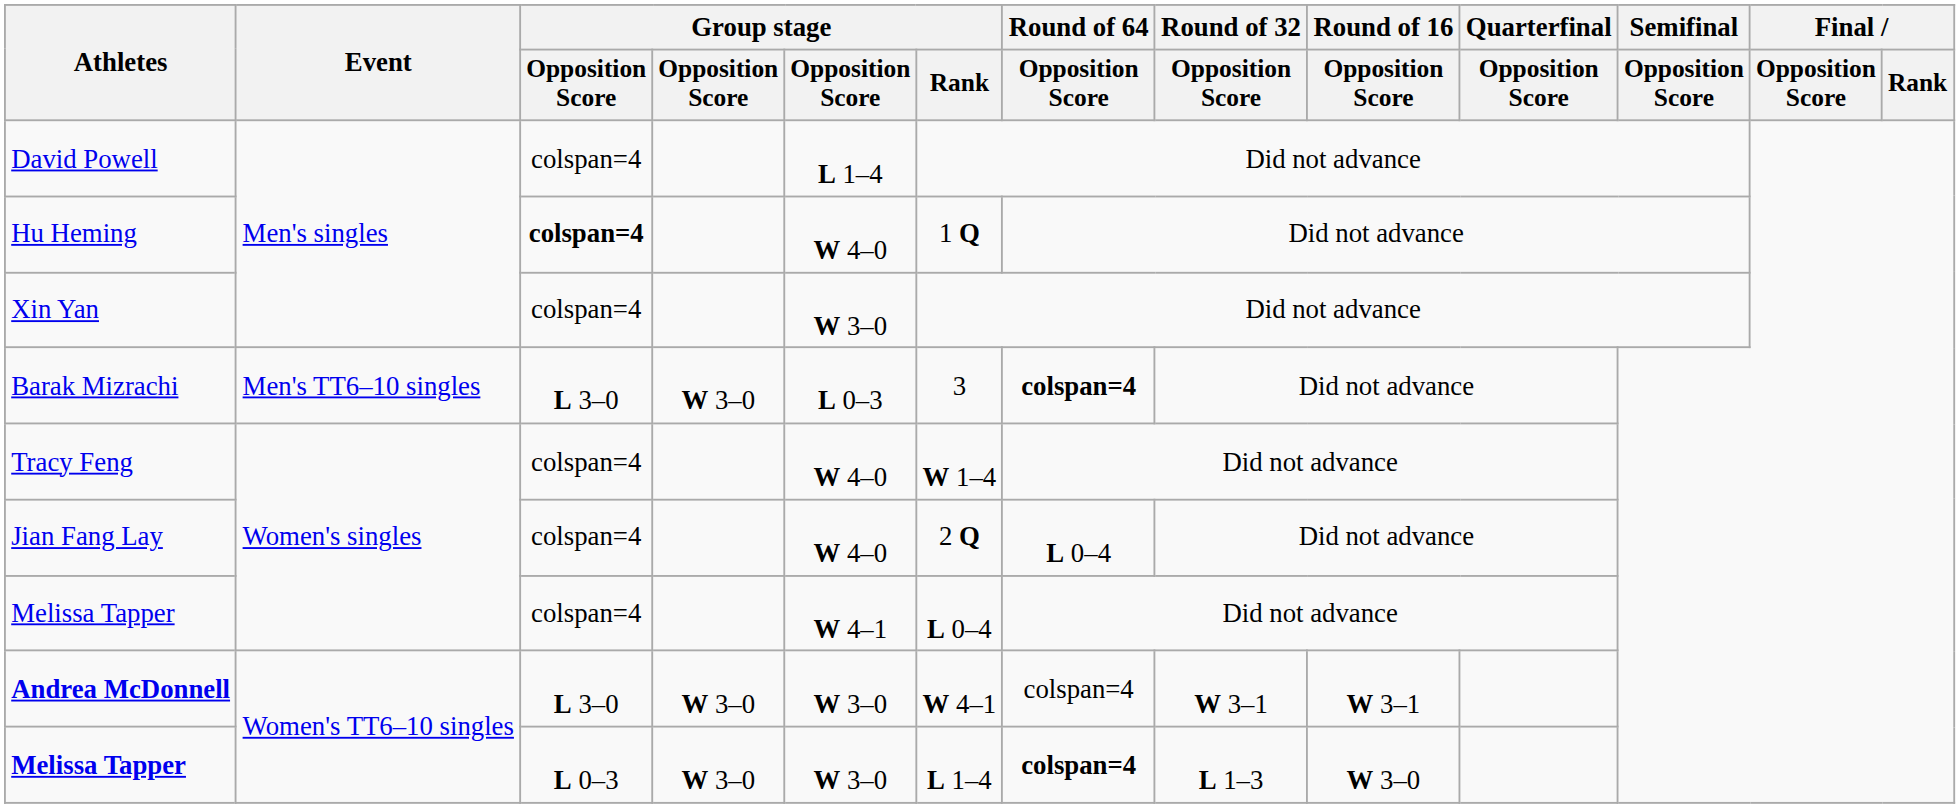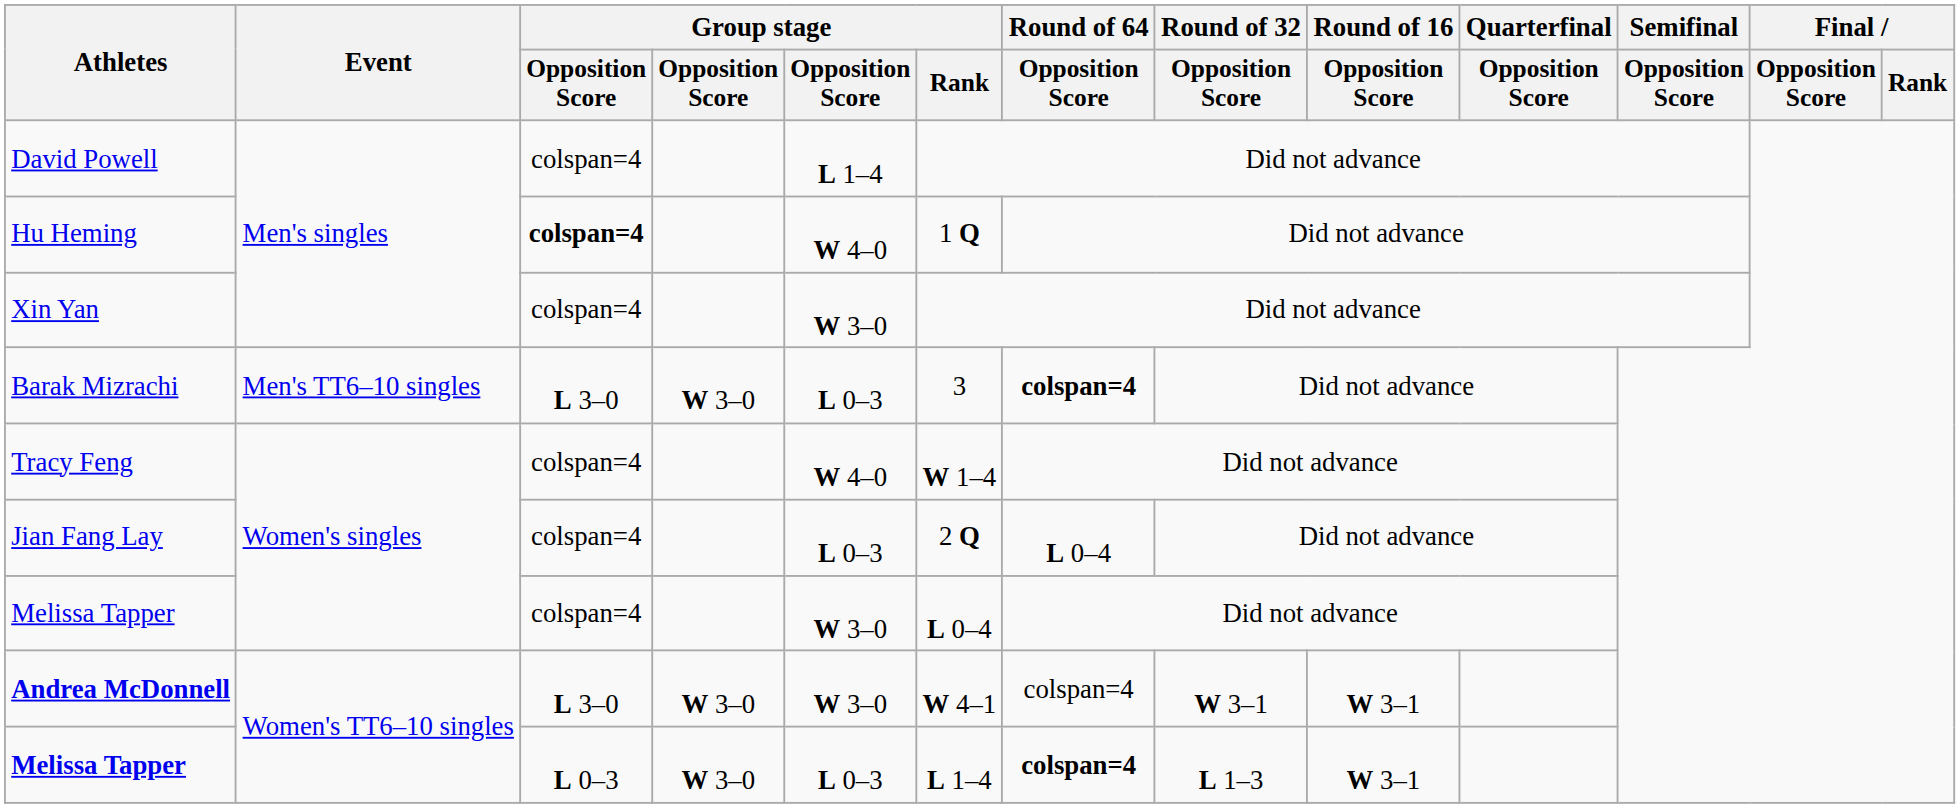 <table class=wikitable style=font-size:90%;text-align:center>
 <tr>
 <th rowspan=2>Athletes</th>
 <th rowspan=2>Event</th>
 <th colspan=4>Group stage</th>
 <th>Round of 64</th>
 <th>Round of 32</th>
 <th>Round of 16</th>
 <th>Quarterfinal</th>
 <th>Semifinal</th>
 <th colspan=2>Final / </th>
 </tr>
 <tr style=font-size:95%>
 <th>Opposition<br>Score</th>
 <th>Opposition<br>Score</th>
 <th>Opposition<br>Score</th>
 <th>Rank</th>
 <th>Opposition<br>Score</th>
 <th>Opposition<br>Score</th>
 <th>Opposition<br>Score</th>
 <th>Opposition<br>Score</th>
 <th>Opposition<br>Score</th>
 <th>Opposition<br>Score</th>
 <th>Rank</th>
 </tr>
 <tr>
 <td align=left><a href='#'>David Powell</a></td>
 <td align=left rowspan=3><a href='#'>Men's singles</a></td>
 <td>colspan=4 </td>
 <td></td>
 <td><br><strong>L</strong> 1–4</td>
 <td colspan=6>Did not advance</td>
 </tr>
 <tr>
 <td align=left><a href='#'>Hu Heming</a></td>
 <td><strong>colspan=4 </strong></td>
 <td></td>
 <td><br><strong>W</strong> 4–0</td>
 <td>1 <strong>Q</strong></td>
 <td colspan=5>Did not advance</td>
 </tr>
 <tr>
 <td align=left><a href='#'>Xin Yan</a></td>
 <td>colspan=4 </td>
 <td></td>
 <td><br> <strong>W</strong> 3–0</td>
 <td colspan=6>Did not advance</td>
 </tr>
 <tr>
 <td align=left><a href='#'>Barak Mizrachi</a></td>
 <td align=left><a href='#'>Men's TT6–10 singles</a></td>
 <td><br><strong>L</strong> 3–0</td>
 <td><br><strong>W</strong> 3–0</td>
 <td><br><strong>L</strong> 0–3</td>
 <td>3</td>
 <td><strong>colspan=4 </strong></td>
 <td colspan=3>Did not advance</td>
 </tr>
 <tr>
 <td align=left><a href='#'>Tracy Feng</a></td>
 <td align=left rowspan=3><a href='#'>Women's singles</a></td>
 <td>colspan=4 </td>
 <td></td>
 <td><br><strong>W</strong> 4–0</td>
 <td><br><strong>W</strong> 1–4</td>
 <td colspan=4>Did not advance</td>
 </tr>
 <tr>
 <td align=left><a href='#'>Jian Fang Lay</a></td>
 <td>colspan=4 </td>
 <td></td>
-<td><br><strong>W</strong> 4–0</td>
+<td><br><strong>L</strong> 0–3</td>
 <td>2 <strong>Q</strong></td>
 <td><br><strong>L</strong> 0–4</td>
 <td colspan=3>Did not advance</td>
 </tr>
 <tr>
 <td align=left><a href='#'>Melissa Tapper</a></td>
 <td>colspan=4 </td>
 <td></td>
-<td><br><strong>W</strong> 4–1</td>
+<td><br><strong>W</strong> 3–0</td>
 <td><br><strong>L</strong> 0–4</td>
 <td colspan=4>Did not advance</td>
 </tr>
 <tr>
 <td align=left><strong><a href='#'>Andrea McDonnell</a></strong></td>
 <td align=left rowspan=2><a href='#'>Women's TT6–10 singles</a></td>
 <td><br><strong>L</strong> 3–0</td>
 <td><br><strong>W</strong> 3–0</td>
 <td><br><strong>W</strong> 3–0</td>
 <td><br><strong>W</strong> 4–1</td>
 <td>colspan=4 </td>
 <td><br><strong>W</strong> 3–1</td>
 <td><br><strong>W</strong> 3–1</td>
 <td></td>
 </tr>
 <tr>
 <td align=left><strong><a href='#'>Melissa Tapper</a></strong></td>
 <td><br><strong>L</strong> 0–3</td>
 <td><br><strong>W</strong> 3–0</td>
-<td><br> <strong>W</strong> 3–0</td>
+<td><br><strong>L</strong> 0–3</td>
 <td><br><strong>L</strong> 1–4</td>
 <td><strong>colspan=4 </strong></td>
 <td><br><strong>L</strong> 1–3</td>
-<td><br><strong>W</strong> 3–0</td>
+<td><br><strong>W</strong> 3–1</td>
 <td></td>
 </tr>
 </table>
